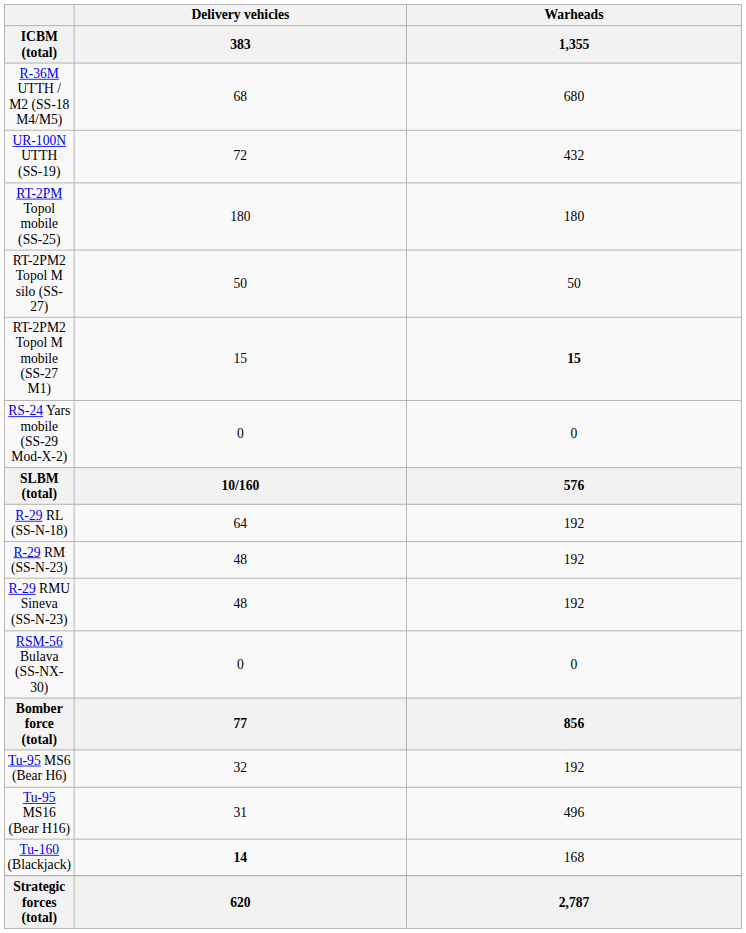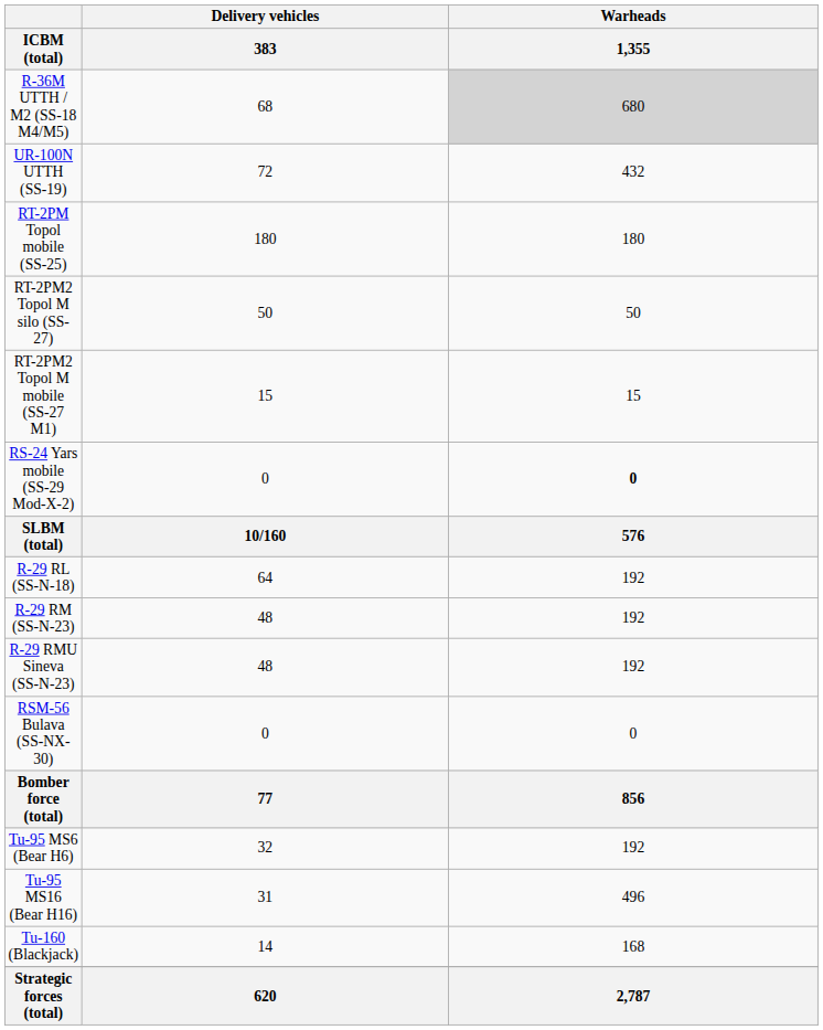 <table class="wikitable" style="text-align:center">
 <tr class="hintergrundfarbe8">
 <th></th>
 <th style="width:30em">Delivery vehicles</th>
 <th style="width:30em">Warheads</th>
 </tr>
 <tr style="background:#ddd;">
 <th>ICBM (total)</th>
 <th>383</th>
 <th>1,355</th>
 </tr>
 <tr>
 <td><a href='#'>R-36M</a> UTTH / M2 (SS-18 M4/M5)</td>
 <td>68</td>
-<td>680</td>
+<td style="background: lightgrey;">680</td>
 </tr>
 <tr>
 <td><a href='#'>UR-100N</a> UTTH (SS-19)</td>
 <td>72</td>
 <td>432</td>
 </tr>
 <tr>
 <td><a href='#'>RT-2PM</a> Topol mobile (SS-25)</td>
 <td>180</td>
 <td>180</td>
 </tr>
 <tr>
 <td>RT-2PM2 Topol M silo (SS-27)</td>
 <td>50</td>
 <td>50</td>
 </tr>
 <tr>
 <td>RT-2PM2 Topol M mobile (SS-27 M1)</td>
 <td>15</td>
-<td><strong>15</strong></td>
+<td>15</td>
 </tr>
 <tr>
 <td><a href='#'>RS-24</a> Yars mobile (SS-29 Mod-X-2)</td>
 <td>0</td>
-<td>0</td>
+<td><strong>0</strong></td>
 </tr>
 <tr style="background:#ddd;">
 <th>SLBM (total)</th>
 <th>10/160</th>
 <th>576</th>
 </tr>
 <tr>
 <td><a href='#'>R-29</a> RL (SS-N-18)</td>
 <td>64</td>
 <td>192</td>
 </tr>
 <tr>
 <td><a href='#'>R-29</a> RM (SS-N-23)</td>
 <td>48</td>
 <td>192</td>
 </tr>
 <tr>
 <td><a href='#'>R-29</a> RMU Sineva (SS-N-23)</td>
 <td>48</td>
 <td>192</td>
 </tr>
 <tr>
 <td><a href='#'>RSM-56</a> Bulava (SS-NX-30)</td>
 <td>0</td>
 <td>0</td>
 </tr>
 <tr style="background:#ddd;">
 <th>Bomber force (total)</th>
 <th>77</th>
 <th>856</th>
 </tr>
 <tr>
 <td><a href='#'>Tu-95</a> MS6 (Bear H6)</td>
 <td>32</td>
 <td>192</td>
 </tr>
 <tr>
 <td><a href='#'>Tu-95</a> MS16 (Bear H16)</td>
 <td>31</td>
 <td>496</td>
 </tr>
 <tr>
 <td><a href='#'>Tu-160</a> (Blackjack)</td>
-<td><strong>14</strong></td>
+<td>14</td>
 <td>168</td>
 </tr>
 <tr style="background:#ddd;">
 </tr>
 <tr>
 <th>Strategic forces (total)</th>
 <th>620</th>
 <th>2,787</th>
 </tr>
 </table>
